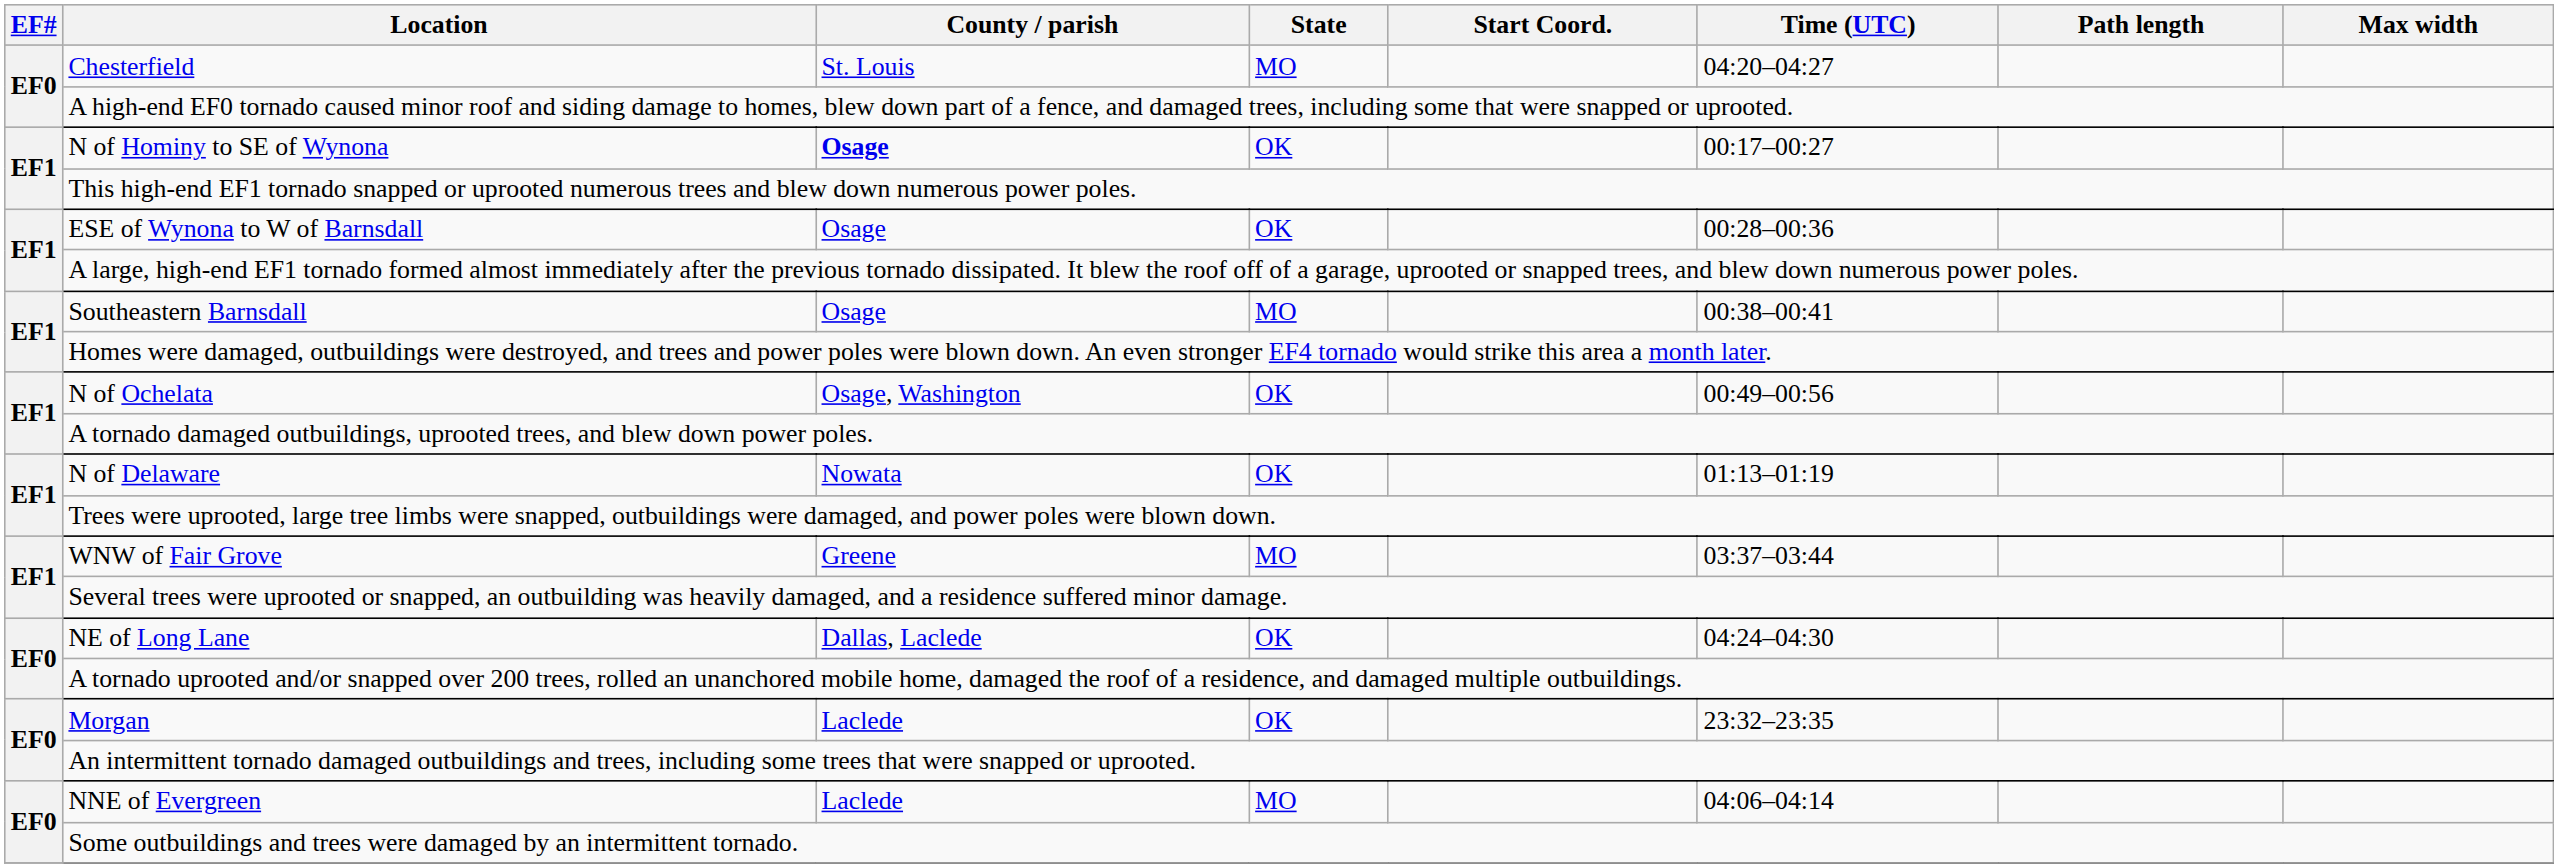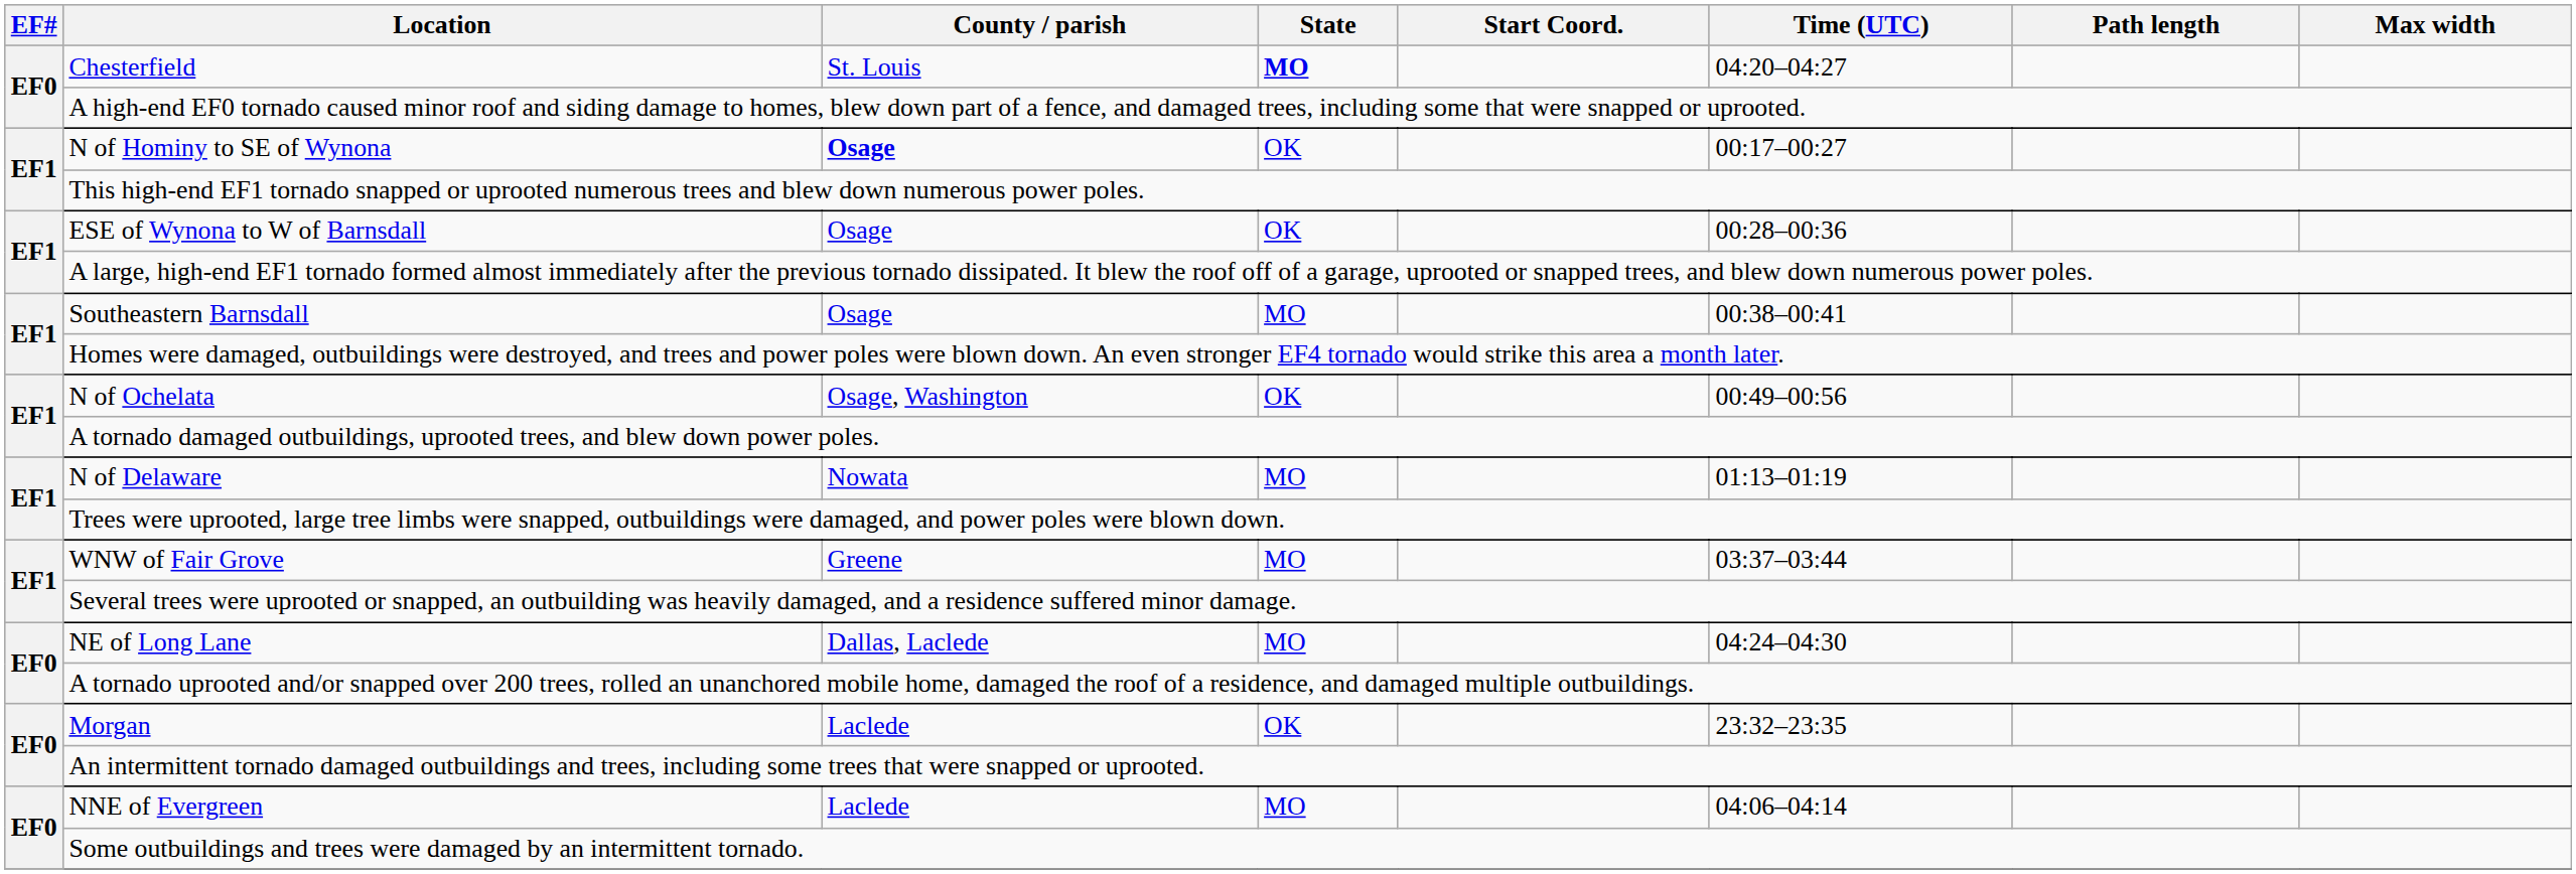 <table class="wikitable sortable" style="width:100%;">
 <tr>
 <th scope="col" width="2%" align="center"><a href='#'>EF#</a></th>
 <th scope="col" align="center" class="unsortable">Location</th>
 <th scope="col" align="center" class="unsortable">County / parish</th>
 <th scope="col" align="center">State</th>
 <th scope="col" align="center">Start Coord.</th>
 <th scope="col" align="center">Time (<a href='#'>UTC</a>)</th>
 <th scope="col" align="center">Path length</th>
 <th scope="col" align="center">Max width</th>
 </tr>
 <tr>
 <th scope="row" rowspan="2" style="background-color:#">EF0</th>
 <td><a href='#'>Chesterfield</a></td>
 <td><a href='#'>St. Louis</a></td>
-<td><a href='#'>MO</a></td>
+<td><strong><a href='#'>MO</a></strong></td>
 <td></td>
 <td>04:20–04:27</td>
 <td></td>
 <td></td>
 </tr>
 <tr class="expand-child">
 <td colspan="8" style=" border-bottom: 1px solid black;">A high-end EF0 tornado caused minor roof and siding damage to homes, blew down part of a fence, and damaged trees, including some that were snapped or uprooted.</td>
 </tr>
 <tr>
 <th scope="row" rowspan="2" style="background-color:#">EF1</th>
 <td>N of <a href='#'>Hominy</a> to SE of <a href='#'>Wynona</a></td>
 <td><strong><a href='#'>Osage</a></strong></td>
 <td><a href='#'>OK</a></td>
 <td></td>
 <td>00:17–00:27</td>
 <td></td>
 <td></td>
 </tr>
 <tr class="expand-child">
 <td colspan="8" style=" border-bottom: 1px solid black;">This high-end EF1 tornado snapped or uprooted numerous trees and blew down numerous power poles.</td>
 </tr>
 <tr>
 <th scope="row" rowspan="2" style="background-color:#">EF1</th>
 <td>ESE of <a href='#'>Wynona</a> to W of <a href='#'>Barnsdall</a></td>
 <td><a href='#'>Osage</a></td>
 <td><a href='#'>OK</a></td>
 <td></td>
 <td>00:28–00:36</td>
 <td></td>
 <td></td>
 </tr>
 <tr class="expand-child">
 <td colspan="8" style=" border-bottom: 1px solid black;">A large, high-end EF1 tornado formed almost immediately after the previous tornado dissipated. It blew the roof off of a garage, uprooted or snapped trees, and blew down numerous power poles.</td>
 </tr>
 <tr>
 <th scope="row" rowspan="2" style="background-color:#">EF1</th>
 <td>Southeastern <a href='#'>Barnsdall</a></td>
 <td><a href='#'>Osage</a></td>
 <td><a href='#'>MO</a></td>
 <td></td>
 <td>00:38–00:41</td>
 <td></td>
 <td></td>
 </tr>
 <tr class="expand-child">
 <td colspan="8" style=" border-bottom: 1px solid black;">Homes were damaged, outbuildings were destroyed, and trees and power poles were blown down. An even stronger <a href='#'>EF4 tornado</a> would strike this area a <a href='#'>month later</a>.</td>
 </tr>
 <tr>
 <th scope="row" rowspan="2" style="background-color:#">EF1</th>
 <td>N of <a href='#'>Ochelata</a></td>
 <td><a href='#'>Osage</a>, <a href='#'>Washington</a></td>
 <td><a href='#'>OK</a></td>
 <td></td>
 <td>00:49–00:56</td>
 <td></td>
 <td></td>
 </tr>
 <tr class="expand-child">
 <td colspan="8" style=" border-bottom: 1px solid black;">A tornado damaged outbuildings, uprooted trees, and blew down power poles.</td>
 </tr>
 <tr>
 <th scope="row" rowspan="2" style="background-color:#">EF1</th>
 <td>N of <a href='#'>Delaware</a></td>
 <td><a href='#'>Nowata</a></td>
-<td><a href='#'>OK</a></td>
+<td><a href='#'>MO</a></td>
 <td></td>
 <td>01:13–01:19</td>
 <td></td>
 <td></td>
 </tr>
 <tr class="expand-child">
 <td colspan="8" style=" border-bottom: 1px solid black;">Trees were uprooted, large tree limbs were snapped, outbuildings were damaged, and power poles were blown down.</td>
 </tr>
 <tr>
 <th scope="row" rowspan="2" style="background-color:#">EF1</th>
 <td>WNW of <a href='#'>Fair Grove</a></td>
 <td><a href='#'>Greene</a></td>
 <td><a href='#'>MO</a></td>
 <td></td>
 <td>03:37–03:44</td>
 <td></td>
 <td></td>
 </tr>
 <tr class="expand-child">
 <td colspan="8" style=" border-bottom: 1px solid black;">Several trees were uprooted or snapped, an outbuilding was heavily damaged, and a residence suffered minor damage.</td>
 </tr>
 <tr>
 <th scope="row" rowspan="2" style="background-color:#">EF0</th>
 <td>NE of <a href='#'>Long Lane</a></td>
 <td><a href='#'>Dallas</a>, <a href='#'>Laclede</a></td>
-<td><a href='#'>OK</a></td>
+<td><a href='#'>MO</a></td>
 <td></td>
 <td>04:24–04:30</td>
 <td></td>
 <td></td>
 </tr>
 <tr class="expand-child">
 <td colspan="8" style=" border-bottom: 1px solid black;">A tornado uprooted and/or snapped over 200 trees, rolled an unanchored mobile home, damaged the roof of a residence, and damaged multiple outbuildings.</td>
 </tr>
 <tr>
 <th scope="row" rowspan="2" style="background-color:#">EF0</th>
 <td><a href='#'>Morgan</a></td>
 <td><a href='#'>Laclede</a></td>
 <td><a href='#'>OK</a></td>
 <td></td>
 <td>23:32–23:35</td>
 <td></td>
 <td></td>
 </tr>
 <tr class="expand-child">
 <td colspan="8" style=" border-bottom: 1px solid black;">An intermittent tornado damaged outbuildings and trees, including some trees that were snapped or uprooted.</td>
 </tr>
 <tr>
 <th scope="row" rowspan="2" style="background-color:#">EF0</th>
 <td>NNE of <a href='#'>Evergreen</a></td>
 <td><a href='#'>Laclede</a></td>
 <td><a href='#'>MO</a></td>
 <td></td>
 <td>04:06–04:14</td>
 <td></td>
 <td></td>
 </tr>
 <tr class="expand-child">
 <td colspan="8" style=" border-bottom: 1px solid black;">Some outbuildings and trees were damaged by an intermittent tornado.</td>
 </tr>
 <tr>
 </tr>
 </table>
